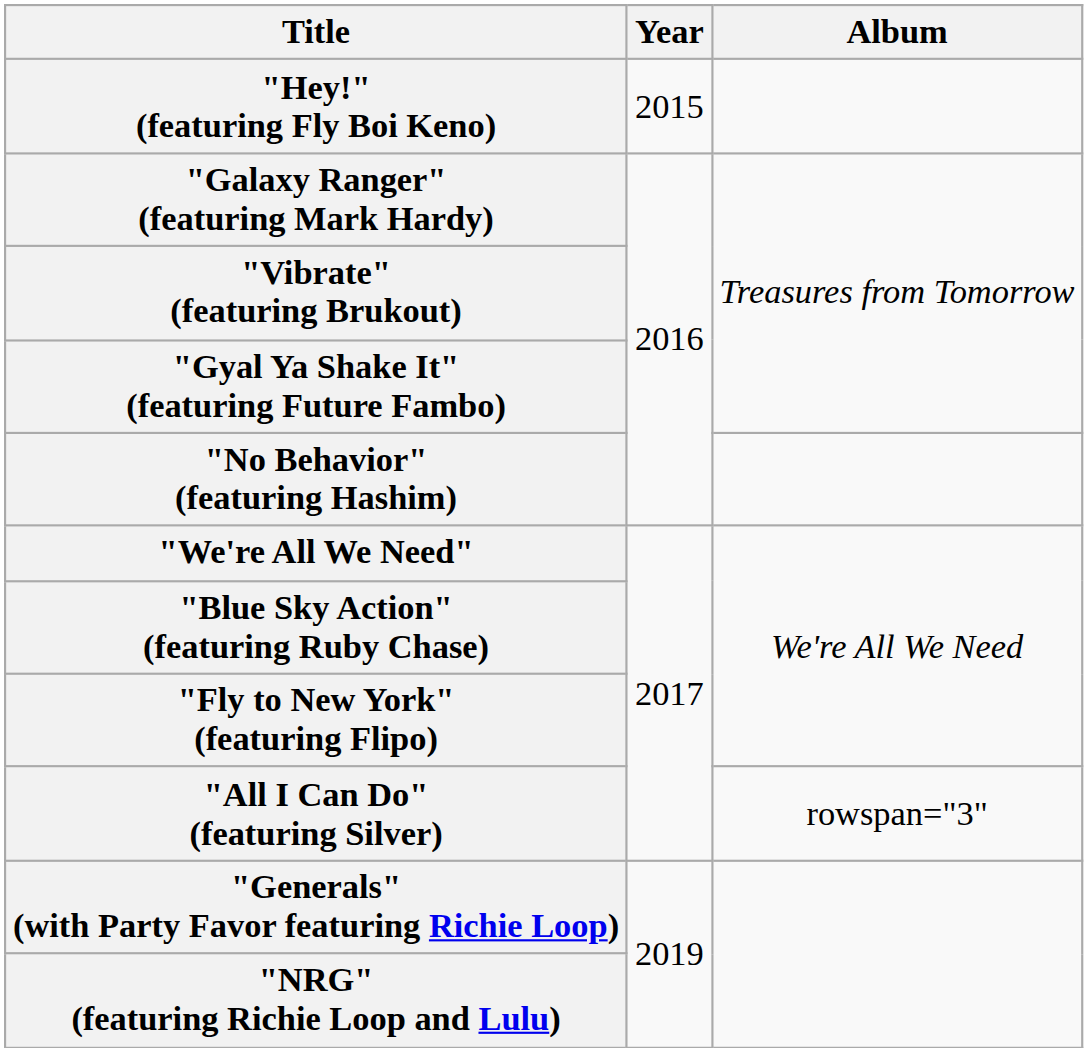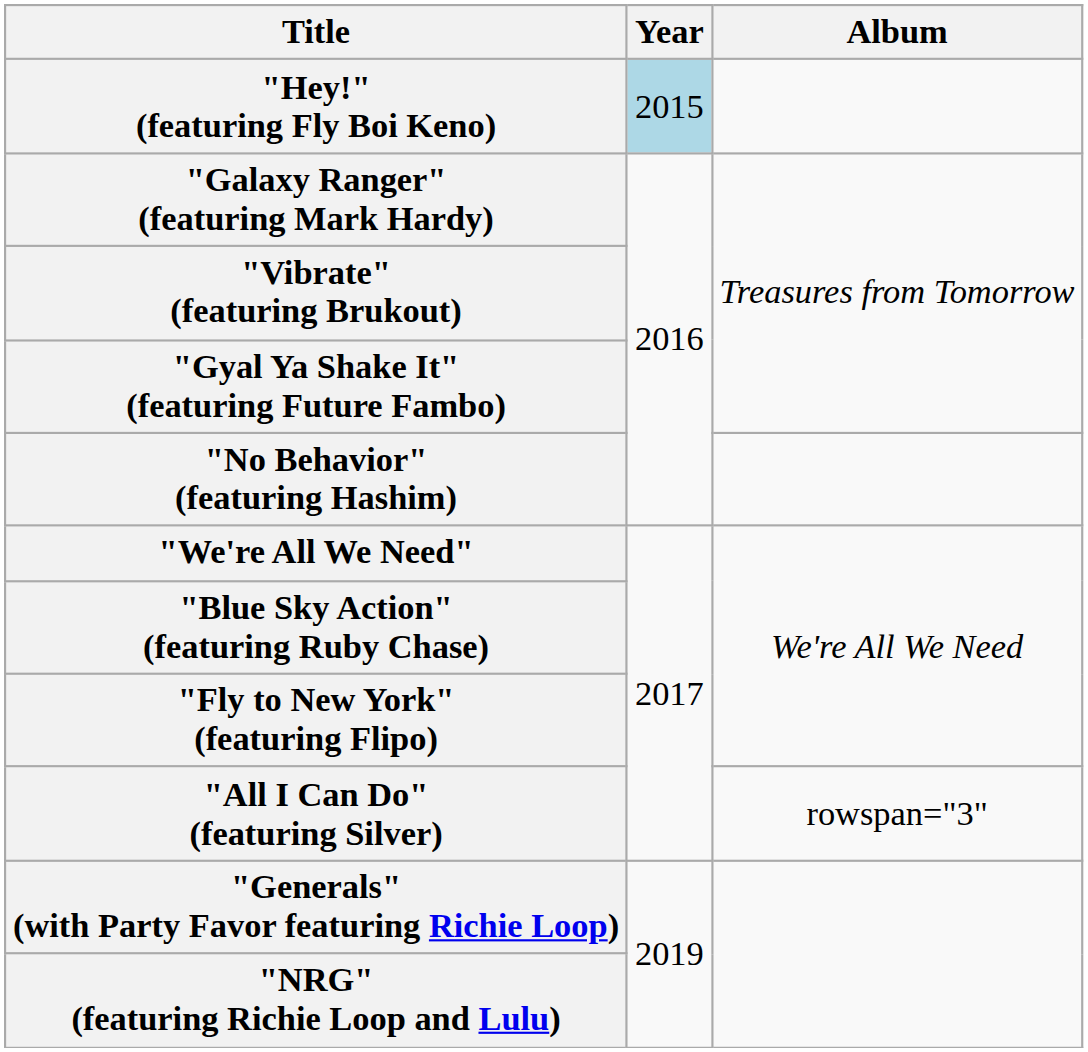 <table class="wikitable plainrowheaders" style="text-align:center;">
 <tr>
 <th scope="col">Title</th>
 <th scope="col">Year</th>
 <th scope="col">Album</th>
 </tr>
 <tr>
 <th scope="row">"Hey!"<br><span>(featuring Fly Boi Keno)</span></th>
-<td>2015</td>
+<td style="background: lightblue;">2015</td>
 <td></td>
 </tr>
 <tr>
 <th scope="row">"Galaxy Ranger"<br><span>(featuring Mark Hardy)</span></th>
 <td rowspan="4">2016</td>
 <td rowspan="3"><em>Treasures from Tomorrow</em></td>
 </tr>
 <tr>
 <th scope="row">"Vibrate"<br><span>(featuring Brukout)</span></th>
 </tr>
 <tr>
 <th scope="row">"Gyal Ya Shake It"<br><span>(featuring Future Fambo)</span></th>
 </tr>
 <tr>
 <th scope="row">"No Behavior"<br><span>(featuring Hashim)</span></th>
 <td></td>
 </tr>
 <tr>
 <th scope="row">"We're All We Need"</th>
 <td rowspan="4">2017</td>
 <td rowspan="3"><em>We're All We Need</em></td>
 </tr>
 <tr>
 <th scope="row">"Blue Sky Action" <br><span>(featuring Ruby Chase)</span></th>
 </tr>
 <tr>
 <th scope="row">"Fly to New York" <br><span>(featuring Flipo)</span></th>
 </tr>
 <tr>
 <th scope="row">"All I Can Do" <br><span>(featuring Silver)</span></th>
 <td>rowspan="3" </td>
 </tr>
 <tr>
 <th scope="row">"Generals" <br><span>(with Party Favor featuring <a href='#'>Richie Loop</a>)</span></th>
 <td rowspan="2">2019</td>
 </tr>
 <tr>
 <th scope="row">"NRG" <br><span>(featuring Richie Loop and <a href='#'>Lulu</a>)</span></th>
 </tr>
 </table>
